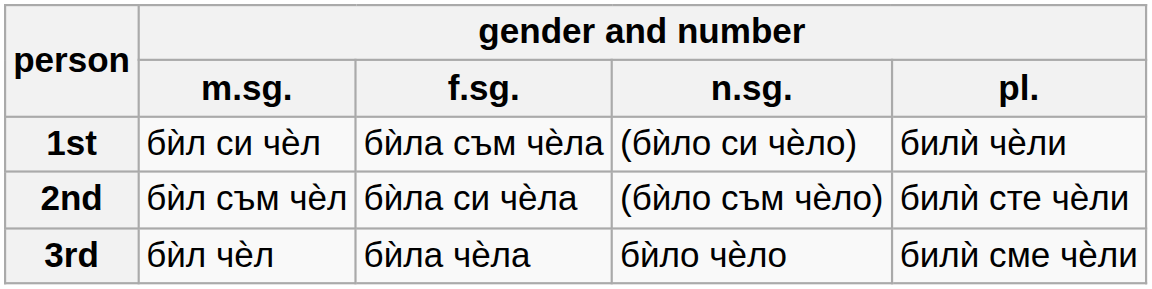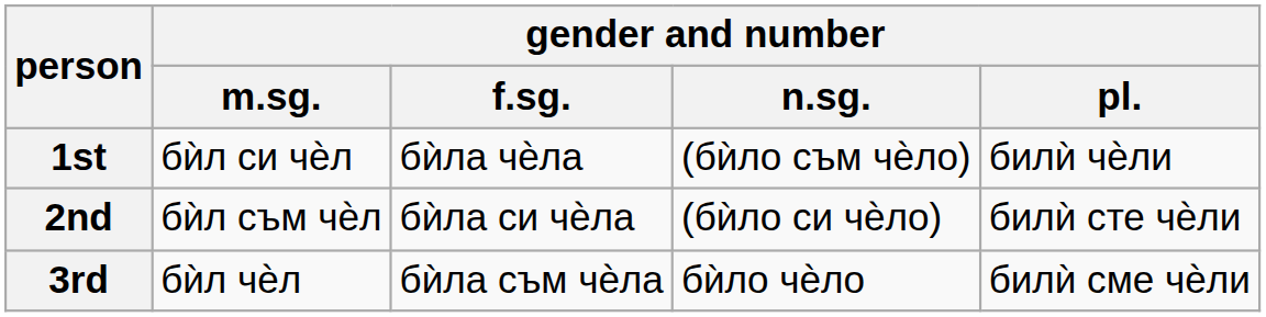 <table class="wikitable">
 <tr>
 <th rowspan="2">person</th>
 <th colspan="4">gender and number</th>
 </tr>
 <tr>
 <th>m.sg.</th>
 <th>f.sg.</th>
 <th>n.sg.</th>
 <th>pl.</th>
 </tr>
 <tr>
 <th>1st</th>
 <td>бѝл си чѐл</td>
-<td>бѝлa съм чѐлa</td>
-<td>(бѝлo си чѐлo)</td>
+<td>бѝлa чѐлa</td>
+<td>(бѝлo съм чѐлo)</td>
 <td>билѝ чѐли</td>
 </tr>
 <tr>
 <th>2nd</th>
 <td>бѝл съм чѐл</td>
 <td>бѝлa си чѐлa</td>
-<td>(бѝлo съм чѐлo)</td>
+<td>(бѝлo си чѐлo)</td>
 <td>билѝ сте чѐли</td>
 </tr>
 <tr>
 <th>3rd</th>
 <td>бѝл чѐл</td>
-<td>бѝлa чѐлa</td>
+<td>бѝлa съм чѐлa</td>
 <td>бѝлo чѐлo</td>
 <td>билѝ сме чѐли</td>
 </tr>
 </table>
